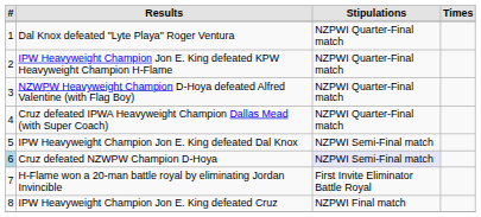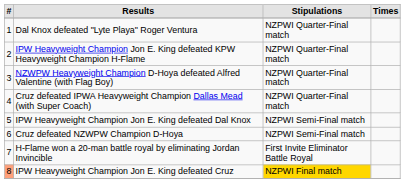 <table style="font-size: 85%; text-align: left;" class="wikitable sortable">
 <tr>
 <th style="border-style: none none solid solid; background: #e3e3e3"><strong>#</strong></th>
 <th style="border-style: none none solid solid; background: #e3e3e3"><strong>Results</strong></th>
 <th style="border-style: none none solid solid; background: #e3e3e3"><strong>Stipulations</strong></th>
 <th style="border-style: none none solid solid; background: #e3e3e3"><strong>Times</strong></th>
 </tr>
 <tr>
 </tr>
 <tr>
 <td>1</td>
 <td>Dal Knox defeated "Lyte Playa" Roger Ventura</td>
 <td>NZPWI Quarter-Final match</td>
 <td></td>
 </tr>
 <tr>
 <td>2</td>
 <td><a href='#'>IPW Heavyweight Champion</a> Jon E. King defeated KPW Heavyweight Champion H-Flame</td>
 <td>NZPWI Quarter-Final match</td>
 <td></td>
 </tr>
 <tr>
 <td>3</td>
 <td><a href='#'>NZWPW Heavyweight Champion</a> D-Hoya defeated Alfred Valentine (with Flag Boy)</td>
 <td>NZPWI Quarter-Final match</td>
 <td></td>
 </tr>
 <tr>
 <td>4</td>
 <td>Cruz defeated IPWA Heavyweight Champion <a href='#'>Dallas Mead</a> (with Super Coach)</td>
 <td>NZPWI Quarter-Final match</td>
 <td></td>
 </tr>
 <tr>
 <td>5</td>
 <td>IPW Heavyweight Champion Jon E. King defeated Dal Knox</td>
 <td>NZPWI Semi-Final match</td>
 <td></td>
 </tr>
 <tr>
-<td style="background: lightblue;">6</td>
+<td>6</td>
 <td>Cruz defeated NZWPW Champion D-Hoya</td>
-<td style="background: lavender;">NZPWI Semi-Final match</td>
+<td>NZPWI Semi-Final match</td>
 <td></td>
 </tr>
 <tr>
 <td>7</td>
 <td>H-Flame won a 20-man battle royal by eliminating Jordan Invincible</td>
 <td>First Invite Eliminator Battle Royal</td>
 <td></td>
 </tr>
 <tr>
-<td>8</td>
+<td style="background: lightsalmon;">8</td>
 <td>IPW Heavyweight Champion Jon E. King defeated Cruz</td>
-<td>NZPWI Final match</td>
+<td style="background: gold;">NZPWI Final match</td>
 <td></td>
 </tr>
 <tr>
 </tr>
 </table>
